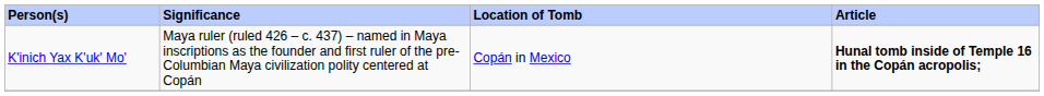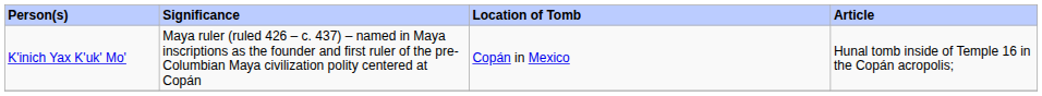 <table class="wikitable" width="100%" border="1" cellspacing="0" cellpadding="2">
 <tr>
 <td width="15%" bgcolor="#bbccff"><strong>Person(s)</strong></td>
 <td width="30%" bgcolor="#bbccff"><strong>Significance</strong></td>
 <td width="35%" bgcolor="#bbccff"><strong>Location of Tomb</strong></td>
 <td width="20%" bgcolor="#bbccff"><strong>Article</strong></td>
 </tr>
 <tr>
 <td><a href='#'>K'inich Yax K'uk' Mo'</a></td>
 <td>Maya ruler (ruled 426 – c. 437) – named in Maya inscriptions as the founder and first ruler of the pre-Columbian Maya civilization polity centered at Copán</td>
 <td><a href='#'>Copán</a> in <a href='#'>Mexico</a></td>
-<td><strong>Hunal tomb inside of Temple 16 in the Copán acropolis;</strong></td>
+<td>Hunal tomb inside of Temple 16 in the Copán acropolis;</td>
 </tr>
 <tr>
 </tr>
 </table>
